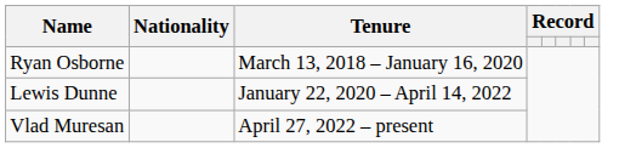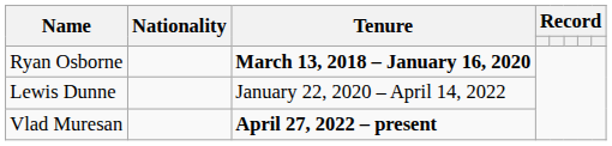 <table class="wikitable sortable">
 <tr>
 <th scope=col rowspan=2>Name</th>
 <th scope=col rowspan=2>Nationality</th>
 <th scope=col rowspan=2>Tenure</th>
 <th scope=col colspan=5>Record</th>
 </tr>
 <tr>
 <th></th>
 <th></th>
 <th></th>
 <th></th>
 <th></th>
 </tr>
 <tr>
 <td>Ryan Osborne</td>
 <td></td>
-<td>March 13, 2018 – January 16, 2020<br></td>
+<td><strong>March 13, 2018 – January 16, 2020<br></strong></td>
 </tr>
 <tr>
 <td>Lewis Dunne</td>
 <td></td>
 <td>January 22, 2020 – April 14, 2022<br></td>
 </tr>
 <tr>
 <td>Vlad Muresan</td>
 <td></td>
-<td>April 27, 2022 – present<br></td>
+<td><strong>April 27, 2022 – present<br></strong></td>
 </tr>
 </table>
